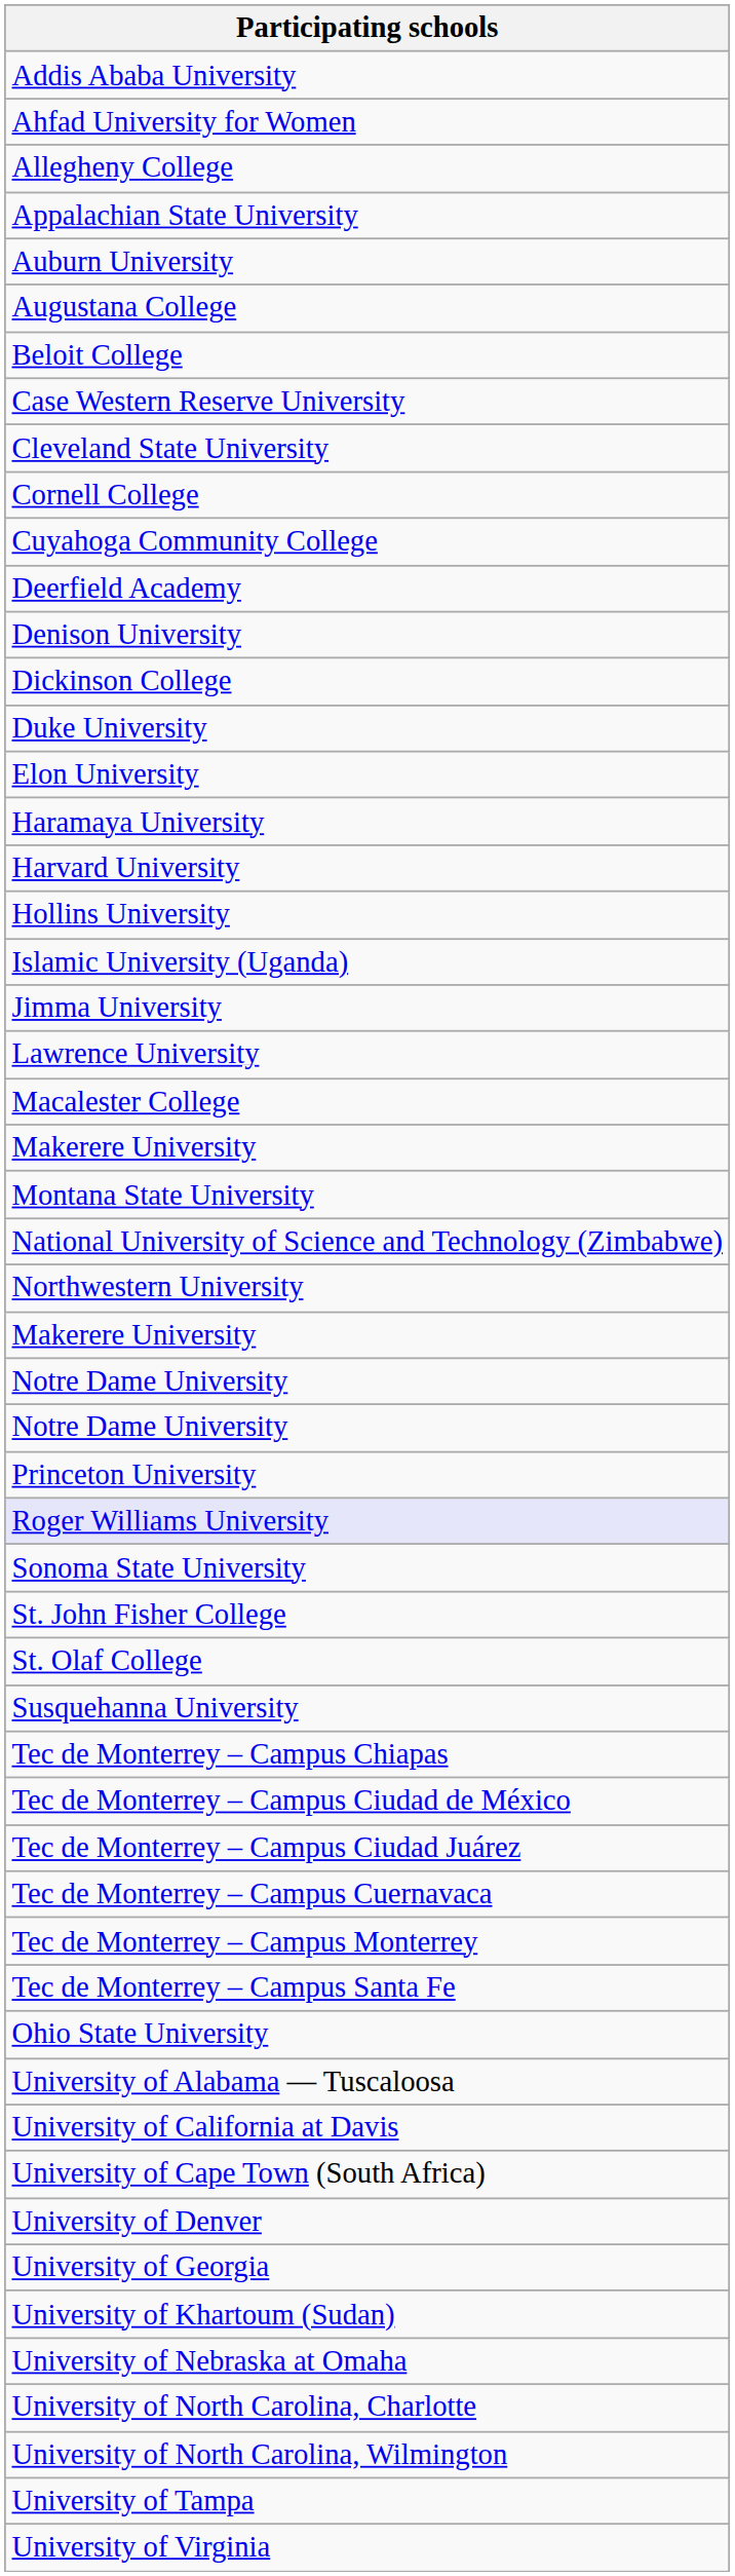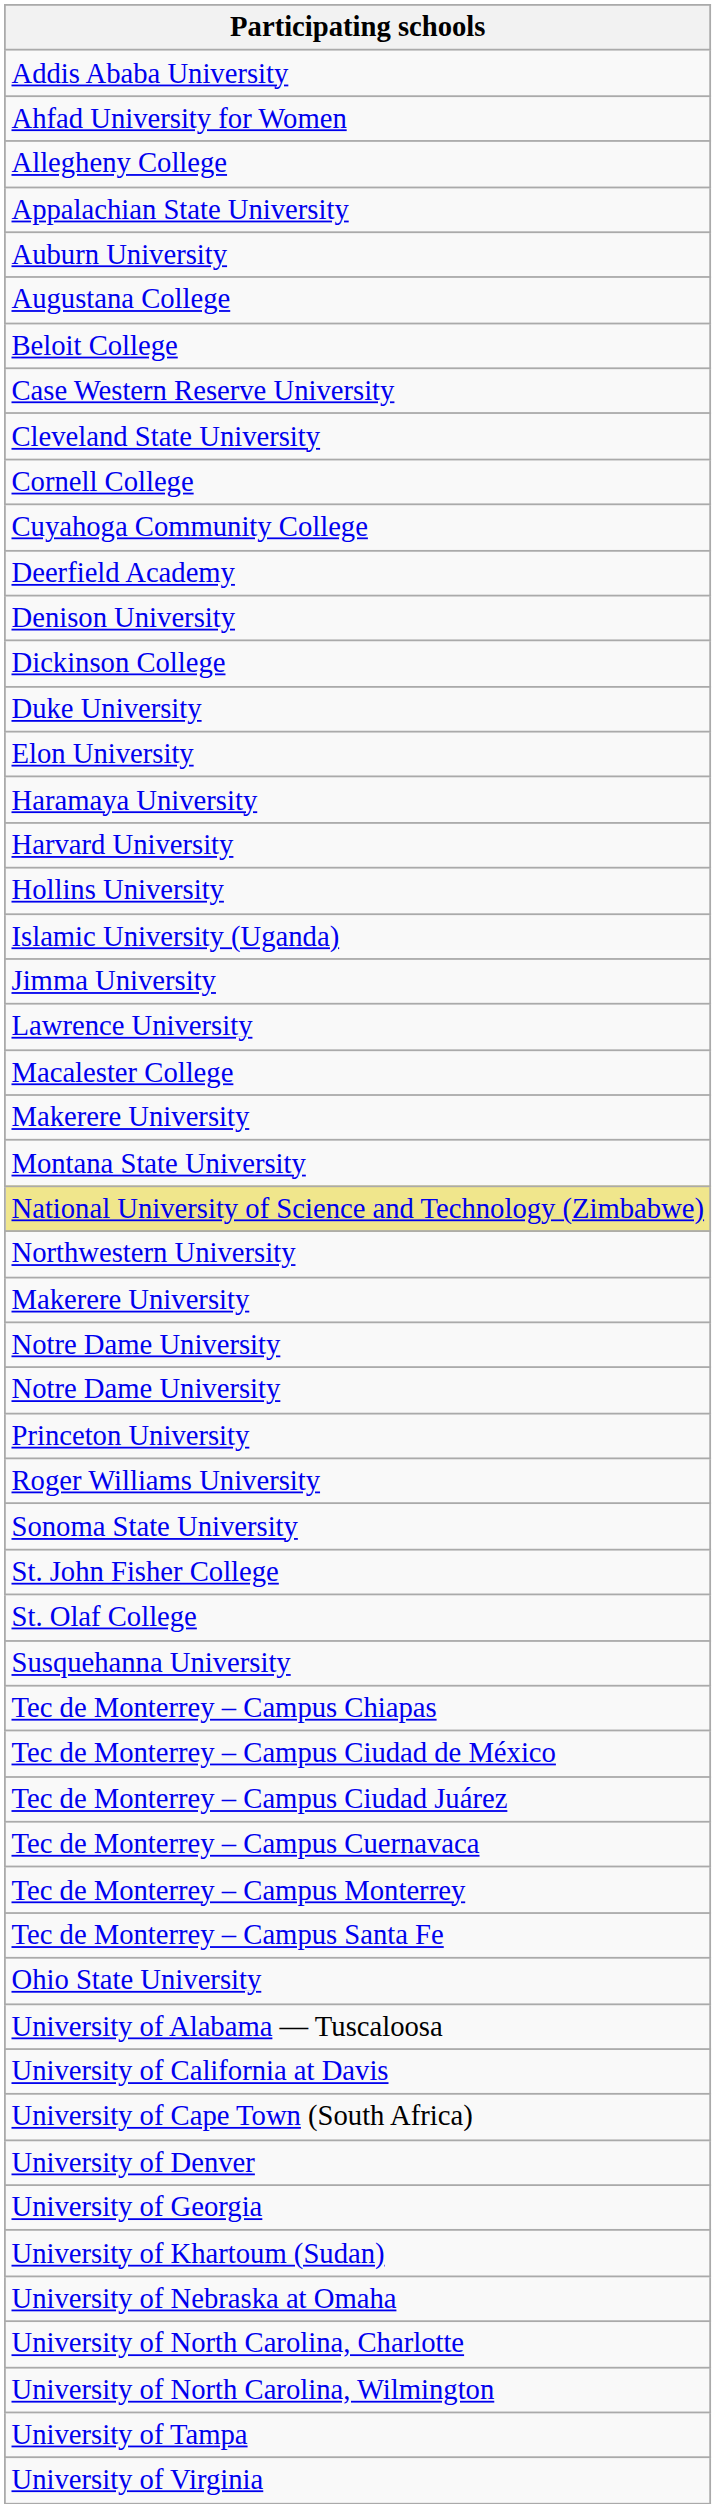 <table class="wikitable">
 <tr>
 <th>Participating schools</th>
 </tr>
 <tr>
 <td><a href='#'>Addis Ababa University</a></td>
 </tr>
 <tr>
 <td><a href='#'>Ahfad University for Women</a></td>
 </tr>
 <tr>
 <td><a href='#'>Allegheny College</a></td>
 </tr>
 <tr>
 <td><a href='#'>Appalachian State University</a></td>
 </tr>
 <tr>
 <td><a href='#'>Auburn University</a></td>
 </tr>
 <tr>
 <td><a href='#'>Augustana College</a></td>
 </tr>
 <tr>
 <td><a href='#'>Beloit College</a></td>
 </tr>
 <tr>
 <td><a href='#'>Case Western Reserve University</a></td>
 </tr>
 <tr>
 <td><a href='#'>Cleveland State University</a></td>
 </tr>
 <tr>
 <td><a href='#'>Cornell College</a></td>
 </tr>
 <tr>
 <td><a href='#'>Cuyahoga Community College</a></td>
 </tr>
 <tr>
 <td><a href='#'>Deerfield Academy</a></td>
 </tr>
 <tr>
 <td><a href='#'>Denison University</a></td>
 </tr>
 <tr>
 <td><a href='#'>Dickinson College</a></td>
 </tr>
 <tr>
 <td><a href='#'>Duke University</a></td>
 </tr>
 <tr>
 <td><a href='#'>Elon University</a></td>
 </tr>
 <tr>
 <td><a href='#'>Haramaya University</a></td>
 </tr>
 <tr>
 <td><a href='#'>Harvard University</a></td>
 </tr>
 <tr>
 <td><a href='#'>Hollins University</a></td>
 </tr>
 <tr>
 <td><a href='#'>Islamic University (Uganda)</a></td>
 </tr>
 <tr>
 <td><a href='#'>Jimma University</a></td>
 </tr>
 <tr>
 <td><a href='#'>Lawrence University</a></td>
 </tr>
 <tr>
 <td><a href='#'>Macalester College</a></td>
 </tr>
 <tr>
 <td><a href='#'>Makerere University</a></td>
 </tr>
 <tr>
 <td><a href='#'>Montana State University</a></td>
 </tr>
 <tr>
-<td><a href='#'>National University of Science and Technology (Zimbabwe)</a></td>
+<td style="background: khaki;"><a href='#'>National University of Science and Technology (Zimbabwe)</a></td>
 </tr>
 <tr>
 <td><a href='#'>Northwestern University</a></td>
 </tr>
 <tr>
 <td><a href='#'>Makerere University</a></td>
 </tr>
 <tr>
 <td><a href='#'>Notre Dame University</a></td>
 </tr>
 <tr>
 <td><a href='#'>Notre Dame University</a></td>
 </tr>
 <tr>
 <td><a href='#'>Princeton University</a></td>
 </tr>
 <tr>
-<td style="background: lavender;"><a href='#'>Roger Williams University</a></td>
+<td><a href='#'>Roger Williams University</a></td>
 </tr>
 <tr>
 <td><a href='#'>Sonoma State University</a></td>
 </tr>
 <tr>
 <td><a href='#'>St. John Fisher College</a></td>
 </tr>
 <tr>
 <td><a href='#'>St. Olaf College</a></td>
 </tr>
 <tr>
 <td><a href='#'>Susquehanna University</a></td>
 </tr>
 <tr>
 <td><a href='#'>Tec de Monterrey – Campus Chiapas</a></td>
 </tr>
 <tr>
 <td><a href='#'>Tec de Monterrey – Campus Ciudad de México</a></td>
 </tr>
 <tr>
 <td><a href='#'>Tec de Monterrey – Campus Ciudad Juárez</a></td>
 </tr>
 <tr>
 <td><a href='#'>Tec de Monterrey – Campus Cuernavaca</a></td>
 </tr>
 <tr>
 <td><a href='#'>Tec de Monterrey – Campus Monterrey</a></td>
 </tr>
 <tr>
 <td><a href='#'>Tec de Monterrey – Campus Santa Fe</a></td>
 </tr>
 <tr>
 <td><a href='#'>Ohio State University</a></td>
 </tr>
 <tr>
 <td><a href='#'>University of Alabama</a> — Tuscaloosa</td>
 </tr>
 <tr>
 <td><a href='#'>University of California at Davis</a></td>
 </tr>
 <tr>
 <td><a href='#'>University of Cape Town</a> (South Africa)</td>
 </tr>
 <tr>
 <td><a href='#'>University of Denver</a></td>
 </tr>
 <tr>
 <td><a href='#'>University of Georgia</a></td>
 </tr>
 <tr>
 <td><a href='#'>University of Khartoum (Sudan)</a></td>
 </tr>
 <tr>
 <td><a href='#'>University of Nebraska at Omaha</a></td>
 </tr>
 <tr>
 <td><a href='#'>University of North Carolina, Charlotte</a></td>
 </tr>
 <tr>
 <td><a href='#'>University of North Carolina, Wilmington</a></td>
 </tr>
 <tr>
 <td><a href='#'>University of Tampa</a></td>
 </tr>
 <tr>
 <td><a href='#'>University of Virginia</a></td>
 </tr>
 </table>
